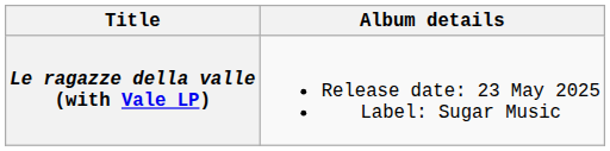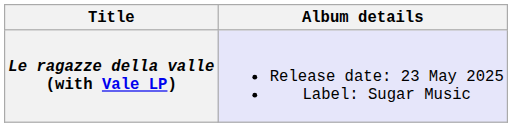 <table class="wikitable plainrowheaders" style="text-align:center;">
 <tr>
 <th scope="col" rowspan="1">Title</th>
 <th scope="col" rowspan="1">Album details</th>
 </tr>
 <tr>
 <th scope="row"><em>Le ragazze della valle</em><br>(with <a href='#'>Vale LP</a>)</th>
-<td><br><ul><li>Release date: 23 May 2025</li><li>Label: Sugar Music</li></ul></td>
+<td style="background: lavender;"><br><ul><li>Release date: 23 May 2025</li><li>Label: Sugar Music</li></ul></td>
 </tr>
 </table>
